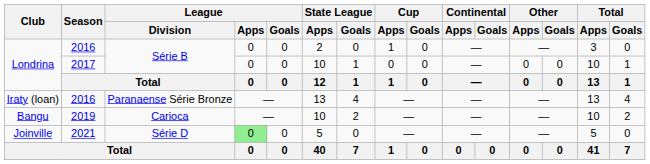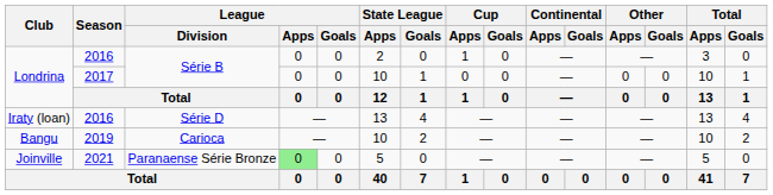 <table class="wikitable" style="text-align:center">
 <tr>
 <th rowspan="2">Club</th>
 <th rowspan="2">Season</th>
 <th colspan="3">League</th>
 <th colspan="2">State League</th>
 <th colspan="2">Cup</th>
 <th colspan="2">Continental</th>
 <th colspan="2">Other</th>
 <th colspan="2">Total</th>
 </tr>
 <tr>
 <th>Division</th>
 <th>Apps</th>
 <th>Goals</th>
 <th>Apps</th>
 <th>Goals</th>
 <th>Apps</th>
 <th>Goals</th>
 <th>Apps</th>
 <th>Goals</th>
 <th>Apps</th>
 <th>Goals</th>
 <th>Apps</th>
 <th>Goals</th>
 </tr>
 <tr>
 <td rowspan="3"><a href='#'>Londrina</a></td>
 <td><a href='#'>2016</a></td>
 <td rowspan="2"><a href='#'>Série B</a></td>
 <td>0</td>
 <td>0</td>
 <td>2</td>
 <td>0</td>
 <td>1</td>
 <td>0</td>
 <td colspan="2">—</td>
 <td colspan="2">—</td>
 <td>3</td>
 <td>0</td>
 </tr>
 <tr>
 <td><a href='#'>2017</a></td>
 <td>0</td>
 <td>0</td>
 <td>10</td>
 <td>1</td>
 <td>0</td>
 <td>0</td>
 <td colspan="2">—</td>
 <td>0</td>
 <td>0</td>
 <td>10</td>
 <td>1</td>
 </tr>
 <tr>
 <th colspan="2">Total</th>
 <th>0</th>
 <th>0</th>
 <th>12</th>
 <th>1</th>
 <th>1</th>
 <th>0</th>
 <th colspan="2">—</th>
 <th>0</th>
 <th>0</th>
 <th>13</th>
 <th>1</th>
 </tr>
 <tr>
 <td><a href='#'>Iraty</a> (loan)</td>
 <td><a href='#'>2016</a></td>
-<td><a href='#'>Paranaense</a> Série Bronze</td>
+<td><a href='#'>Série D</a></td>
 <td colspan="2">—</td>
 <td>13</td>
 <td>4</td>
 <td colspan="2">—</td>
 <td colspan="2">—</td>
 <td colspan="2">—</td>
 <td>13</td>
 <td>4</td>
 </tr>
 <tr>
 <td><a href='#'>Bangu</a></td>
 <td><a href='#'>2019</a></td>
 <td><a href='#'>Carioca</a></td>
 <td colspan="2">—</td>
 <td>10</td>
 <td>2</td>
 <td colspan="2">—</td>
 <td colspan="2">—</td>
 <td colspan="2">—</td>
 <td>10</td>
 <td>2</td>
 </tr>
 <tr>
 <td><a href='#'>Joinville</a></td>
 <td><a href='#'>2021</a></td>
-<td><a href='#'>Série D</a></td>
+<td><a href='#'>Paranaense</a> Série Bronze</td>
 <td style="background: lightgreen;">0</td>
 <td>0</td>
 <td>5</td>
 <td>0</td>
 <td colspan="2">—</td>
 <td colspan="2">—</td>
 <td colspan="2">—</td>
 <td>5</td>
 <td>0</td>
 </tr>
 <tr>
 <th colspan="3"><strong>Total</strong></th>
 <th>0</th>
 <th>0</th>
 <th>40</th>
 <th>7</th>
 <th>1</th>
 <th>0</th>
 <th>0</th>
 <th>0</th>
 <th>0</th>
 <th>0</th>
 <th>41</th>
 <th>7</th>
 </tr>
 </table>
